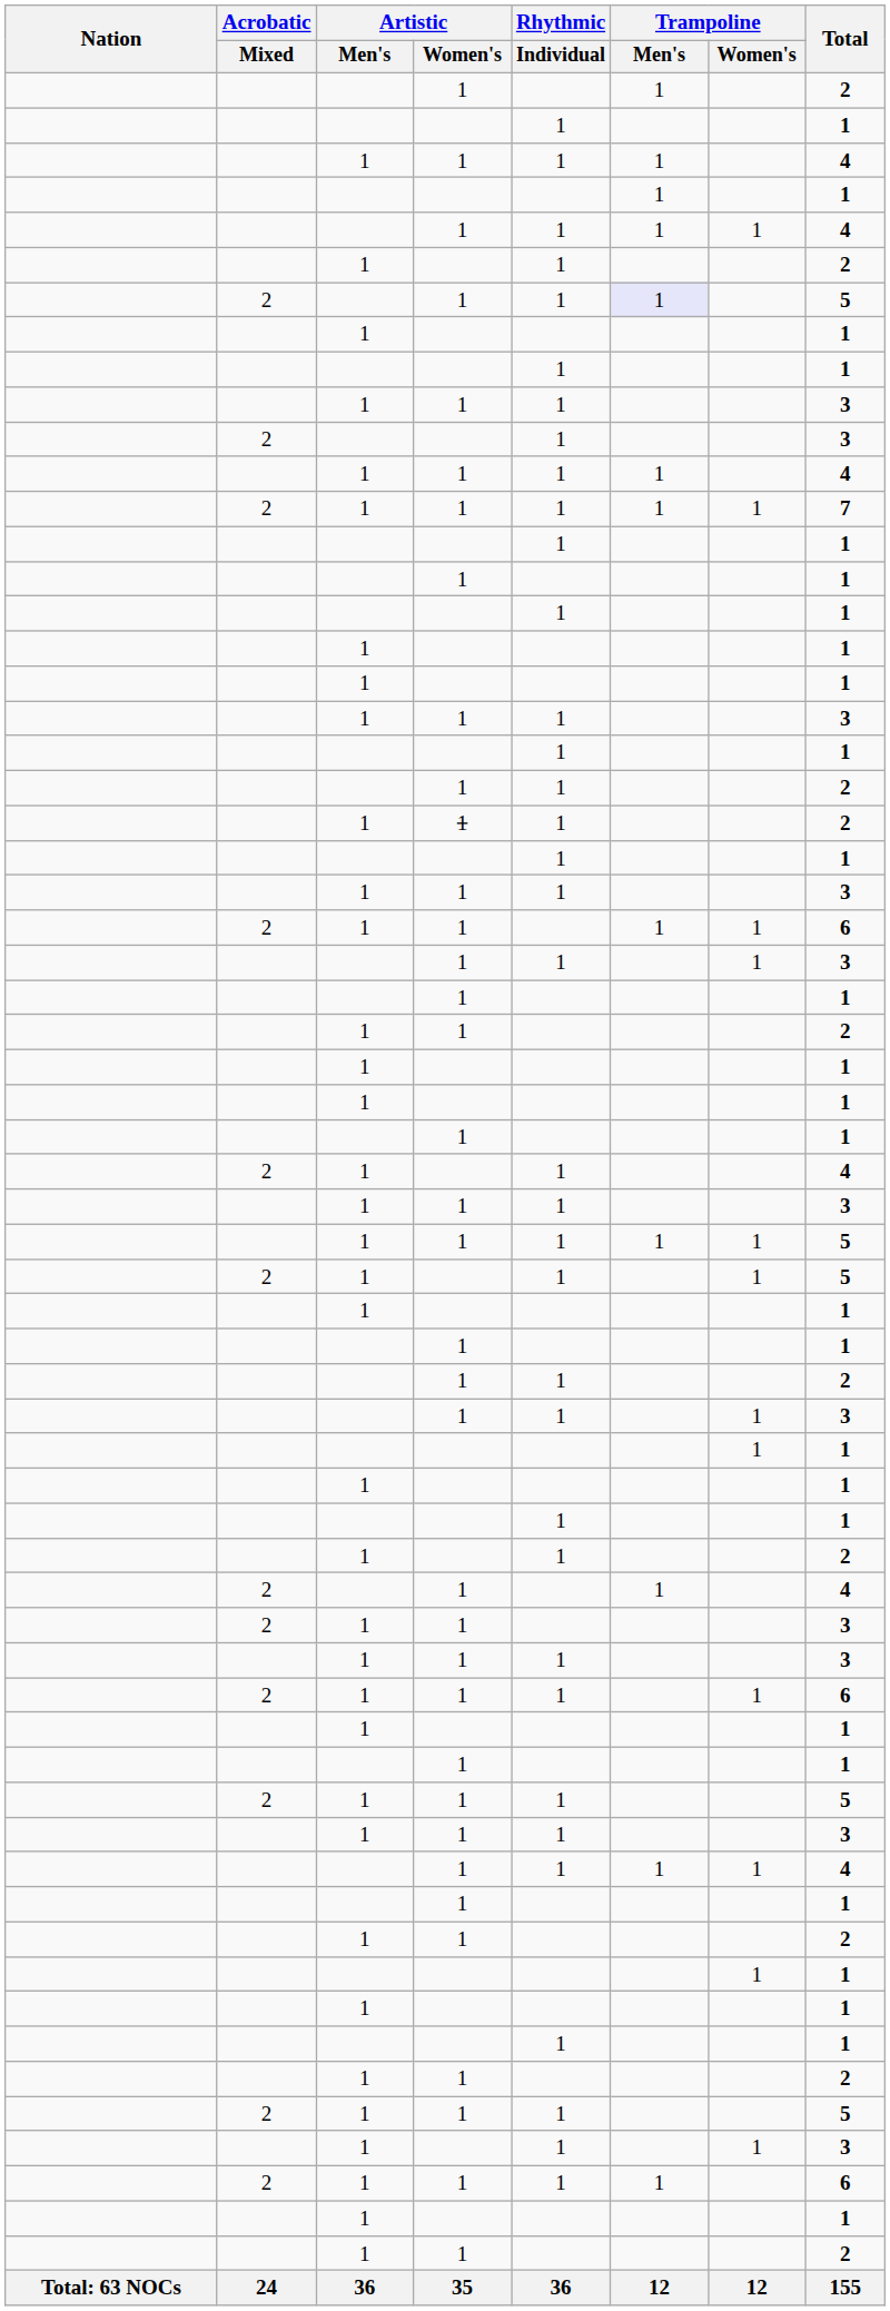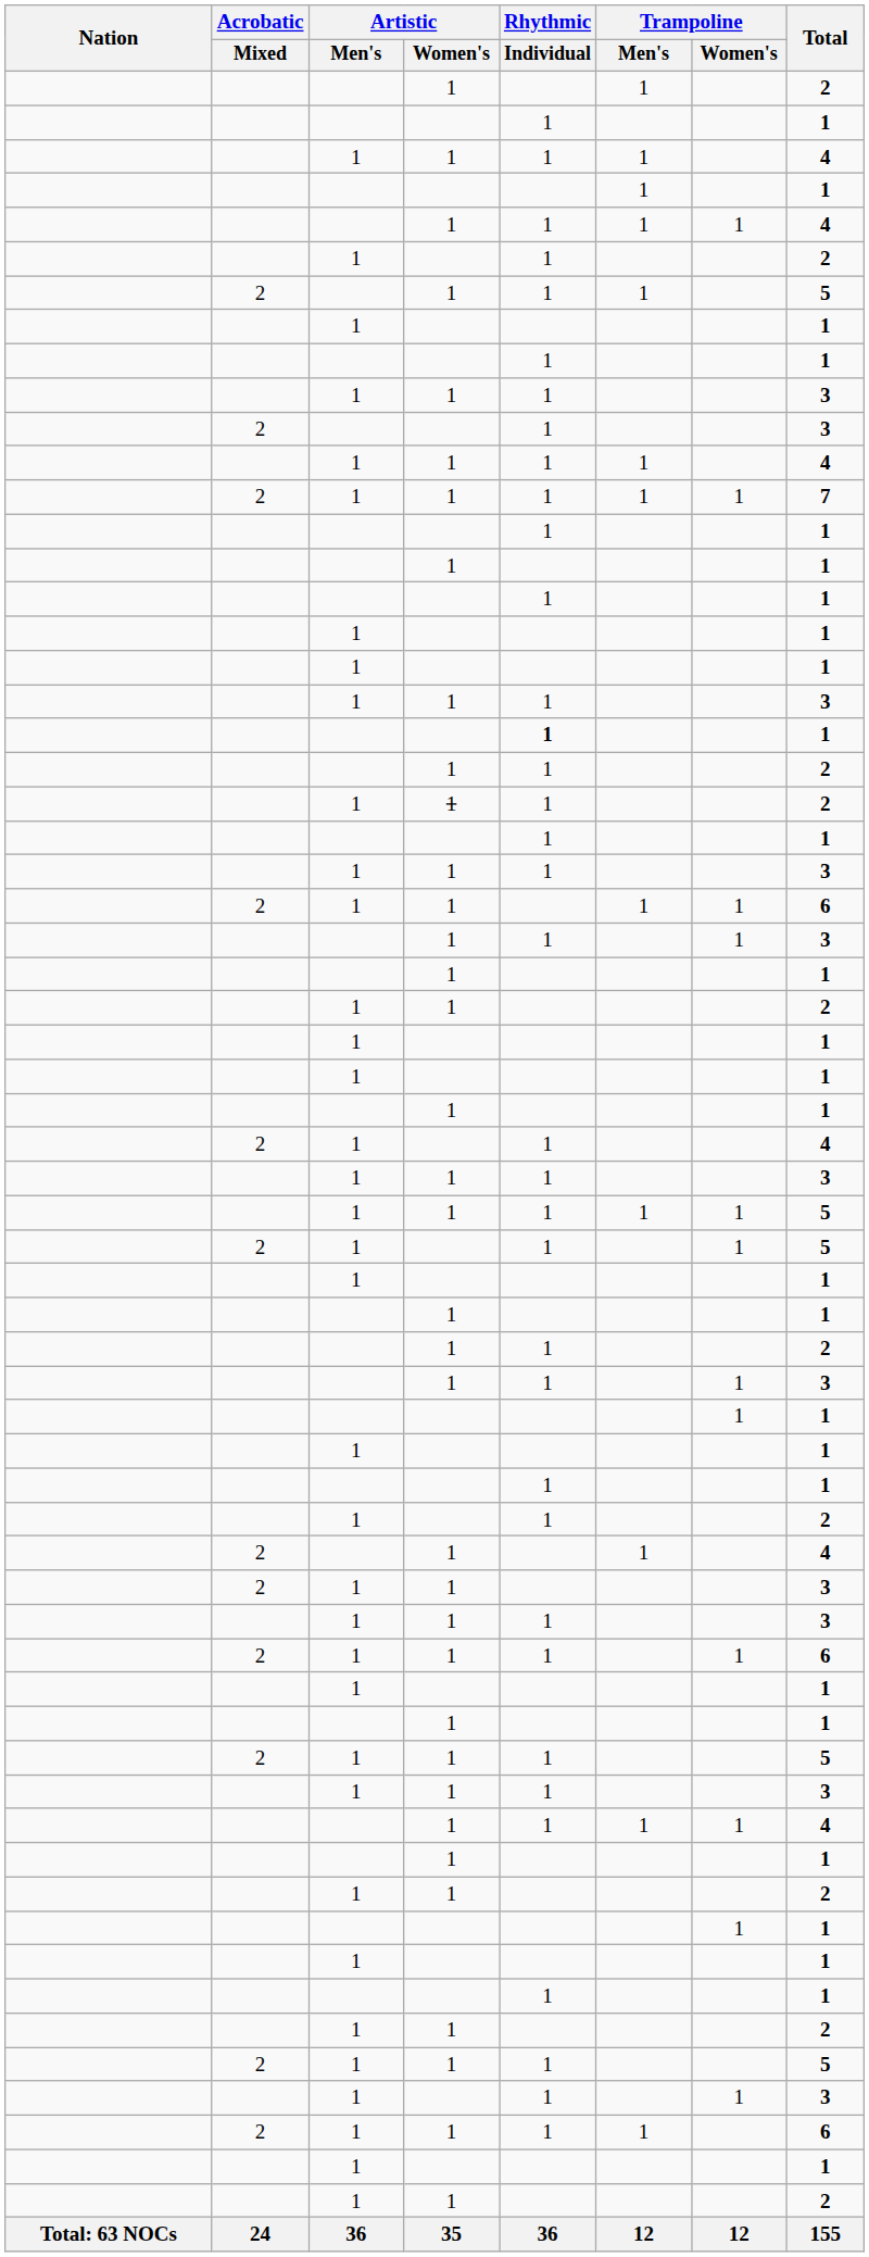 <table class="wikitable"  style="width:600px; text-align:center; font-size:90%;">
 <tr>
 <th rowspan="2" style="text-align:center;">Nation</th>
 <th><a href='#'>Acrobatic</a></th>
 <th colspan="2"><a href='#'>Artistic</a></th>
 <th><a href='#'>Rhythmic</a></th>
 <th colspan=2><a href='#'>Trampoline</a></th>
 <th rowspan="2">Total</th>
 </tr>
 <tr style="font-size:95%;">
 <th width=60>Mixed</th>
 <th width=60>Men's</th>
 <th width=60>Women's</th>
 <th width=60>Individual</th>
 <th width=60>Men's</th>
 <th width=60>Women's</th>
 </tr>
 <tr>
 <td style="text-align:left;"></td>
 <td></td>
 <td></td>
 <td>1</td>
 <td></td>
 <td>1</td>
 <td></td>
 <td><strong>2</strong></td>
 </tr>
 <tr>
 <td style="text-align:left;"></td>
 <td></td>
 <td></td>
 <td></td>
 <td>1</td>
 <td></td>
 <td></td>
 <td><strong>1</strong></td>
 </tr>
 <tr>
 <td style="text-align:left;"></td>
 <td></td>
 <td>1</td>
 <td>1</td>
 <td>1</td>
 <td>1</td>
 <td></td>
 <td><strong>4</strong></td>
 </tr>
 <tr>
 <td style="text-align:left;"></td>
 <td></td>
 <td></td>
 <td></td>
 <td></td>
 <td>1</td>
 <td></td>
 <td><strong>1</strong></td>
 </tr>
 <tr>
 <td style="text-align:left;"></td>
 <td></td>
 <td></td>
 <td>1</td>
 <td>1</td>
 <td>1</td>
 <td>1</td>
 <td><strong>4</strong></td>
 </tr>
 <tr>
 <td style="text-align:left;"></td>
 <td></td>
 <td>1</td>
 <td></td>
 <td>1</td>
 <td></td>
 <td></td>
 <td><strong>2</strong></td>
 </tr>
 <tr>
 <td style="text-align:left;"></td>
 <td>2</td>
 <td></td>
 <td>1</td>
 <td>1</td>
-<td style="background: lavender;">1</td>
+<td>1</td>
 <td></td>
 <td><strong>5</strong></td>
 </tr>
 <tr>
 <td style="text-align:left;"></td>
 <td></td>
 <td>1</td>
 <td></td>
 <td></td>
 <td></td>
 <td></td>
 <td><strong>1</strong></td>
 </tr>
 <tr>
 <td style="text-align:left;"></td>
 <td></td>
 <td></td>
 <td></td>
 <td>1</td>
 <td></td>
 <td></td>
 <td><strong>1</strong></td>
 </tr>
 <tr>
 <td style="text-align:left;"></td>
 <td></td>
 <td>1</td>
 <td>1</td>
 <td>1</td>
 <td></td>
 <td></td>
 <td><strong>3</strong></td>
 </tr>
 <tr>
 <td style="text-align:left;"></td>
 <td>2</td>
 <td></td>
 <td></td>
 <td>1</td>
 <td></td>
 <td></td>
 <td><strong>3</strong></td>
 </tr>
 <tr>
 <td style="text-align:left;"></td>
 <td></td>
 <td>1</td>
 <td>1</td>
 <td>1</td>
 <td>1</td>
 <td></td>
 <td><strong>4</strong></td>
 </tr>
 <tr>
 <td style="text-align:left;"></td>
 <td>2</td>
 <td>1</td>
 <td>1</td>
 <td>1</td>
 <td>1</td>
 <td>1</td>
 <td><strong>7</strong></td>
 </tr>
 <tr>
 <td style="text-align:left;"></td>
 <td></td>
 <td></td>
 <td></td>
 <td>1</td>
 <td></td>
 <td></td>
 <td><strong>1</strong></td>
 </tr>
 <tr>
 <td style="text-align:left;"></td>
 <td></td>
 <td></td>
 <td>1</td>
 <td></td>
 <td></td>
 <td></td>
 <td><strong>1</strong></td>
 </tr>
 <tr>
 <td style="text-align:left;"></td>
 <td></td>
 <td></td>
 <td></td>
 <td>1</td>
 <td></td>
 <td></td>
 <td><strong>1</strong></td>
 </tr>
 <tr>
 <td style="text-align:left;"></td>
 <td></td>
 <td>1</td>
 <td></td>
 <td></td>
 <td></td>
 <td></td>
 <td><strong>1</strong></td>
 </tr>
 <tr>
 <td style="text-align:left;"></td>
 <td></td>
 <td>1</td>
 <td></td>
 <td></td>
 <td></td>
 <td></td>
 <td><strong>1</strong></td>
 </tr>
 <tr>
 <td style="text-align:left;"></td>
 <td></td>
 <td>1</td>
 <td>1</td>
 <td>1</td>
 <td></td>
 <td></td>
 <td><strong>3</strong></td>
 </tr>
 <tr>
 <td style="text-align:left;"></td>
 <td></td>
 <td></td>
 <td></td>
-<td>1</td>
+<td><strong>1</strong></td>
 <td></td>
 <td></td>
 <td><strong>1</strong></td>
 </tr>
 <tr>
 <td style="text-align:left;"></td>
 <td></td>
 <td></td>
 <td>1</td>
 <td>1</td>
 <td></td>
 <td></td>
 <td><strong>2</strong></td>
 </tr>
 <tr>
 <td style="text-align:left;"></td>
 <td></td>
 <td>1</td>
 <td><s>1</s></td>
 <td>1</td>
 <td></td>
 <td></td>
 <td><strong>2</strong></td>
 </tr>
 <tr>
 <td style="text-align:left;"></td>
 <td></td>
 <td></td>
 <td></td>
 <td>1</td>
 <td></td>
 <td></td>
 <td><strong>1</strong></td>
 </tr>
 <tr>
 <td style="text-align:left;"></td>
 <td></td>
 <td>1</td>
 <td>1</td>
 <td>1</td>
 <td></td>
 <td></td>
 <td><strong>3</strong></td>
 </tr>
 <tr>
 <td style="text-align:left;"></td>
 <td>2</td>
 <td>1</td>
 <td>1</td>
 <td></td>
 <td>1</td>
 <td>1</td>
 <td><strong>6</strong></td>
 </tr>
 <tr>
 <td style="text-align:left;"></td>
 <td></td>
 <td></td>
 <td>1</td>
 <td>1</td>
 <td></td>
 <td>1</td>
 <td><strong>3</strong></td>
 </tr>
 <tr>
 <td style="text-align:left;"></td>
 <td></td>
 <td></td>
 <td>1</td>
 <td></td>
 <td></td>
 <td></td>
 <td><strong>1</strong></td>
 </tr>
 <tr>
 <td style="text-align:left;"></td>
 <td></td>
 <td>1</td>
 <td>1</td>
 <td></td>
 <td></td>
 <td></td>
 <td><strong>2</strong></td>
 </tr>
 <tr>
 <td style="text-align:left;"></td>
 <td></td>
 <td>1</td>
 <td></td>
 <td></td>
 <td></td>
 <td></td>
 <td><strong>1</strong></td>
 </tr>
 <tr>
 <td style="text-align:left;"></td>
 <td></td>
 <td>1</td>
 <td></td>
 <td></td>
 <td></td>
 <td></td>
 <td><strong>1</strong></td>
 </tr>
 <tr>
 <td style="text-align:left;"></td>
 <td></td>
 <td></td>
 <td>1</td>
 <td></td>
 <td></td>
 <td></td>
 <td><strong>1</strong></td>
 </tr>
 <tr>
 <td style="text-align:left;"></td>
 <td>2</td>
 <td>1</td>
 <td></td>
 <td>1</td>
 <td></td>
 <td></td>
 <td><strong>4</strong></td>
 </tr>
 <tr>
 <td style="text-align:left;"></td>
 <td></td>
 <td>1</td>
 <td>1</td>
 <td>1</td>
 <td></td>
 <td></td>
 <td><strong>3</strong></td>
 </tr>
 <tr>
 <td style="text-align:left;"></td>
 <td></td>
 <td>1</td>
 <td>1</td>
 <td>1</td>
 <td>1</td>
 <td>1</td>
 <td><strong>5</strong></td>
 </tr>
 <tr>
 <td style="text-align:left;"></td>
 <td>2</td>
 <td>1</td>
 <td></td>
 <td>1</td>
 <td></td>
 <td>1</td>
 <td><strong>5</strong></td>
 </tr>
 <tr>
 <td style="text-align:left;"></td>
 <td></td>
 <td>1</td>
 <td></td>
 <td></td>
 <td></td>
 <td></td>
 <td><strong>1</strong></td>
 </tr>
 <tr>
 <td style="text-align:left;"></td>
 <td></td>
 <td></td>
 <td>1</td>
 <td></td>
 <td></td>
 <td></td>
 <td><strong>1</strong></td>
 </tr>
 <tr>
 <td style="text-align:left;"></td>
 <td></td>
 <td></td>
 <td>1</td>
 <td>1</td>
 <td></td>
 <td></td>
 <td><strong>2</strong></td>
 </tr>
 <tr>
 <td style="text-align:left;"></td>
 <td></td>
 <td></td>
 <td>1</td>
 <td>1</td>
 <td></td>
 <td>1</td>
 <td><strong>3</strong></td>
 </tr>
 <tr>
 <td style="text-align:left;"></td>
 <td></td>
 <td></td>
 <td></td>
 <td></td>
 <td></td>
 <td>1</td>
 <td><strong>1</strong></td>
 </tr>
 <tr>
 <td style="text-align:left;"></td>
 <td></td>
 <td>1</td>
 <td></td>
 <td></td>
 <td></td>
 <td></td>
 <td><strong>1</strong></td>
 </tr>
 <tr>
 <td style="text-align:left;"></td>
 <td></td>
 <td></td>
 <td></td>
 <td>1</td>
 <td></td>
 <td></td>
 <td><strong>1</strong></td>
 </tr>
 <tr>
 <td style="text-align:left;"></td>
 <td></td>
 <td>1</td>
 <td></td>
 <td>1</td>
 <td></td>
 <td></td>
 <td><strong>2</strong></td>
 </tr>
 <tr>
 <td style="text-align:left;"></td>
 <td>2</td>
 <td></td>
 <td>1</td>
 <td></td>
 <td>1</td>
 <td></td>
 <td><strong>4</strong></td>
 </tr>
 <tr>
 <td style="text-align:left;"></td>
 <td>2</td>
 <td>1</td>
 <td>1</td>
 <td></td>
 <td></td>
 <td></td>
 <td><strong>3</strong></td>
 </tr>
 <tr>
 <td style="text-align:left;"></td>
 <td></td>
 <td>1</td>
 <td>1</td>
 <td>1</td>
 <td></td>
 <td></td>
 <td><strong>3</strong></td>
 </tr>
 <tr>
 <td style="text-align:left;"></td>
 <td>2</td>
 <td>1</td>
 <td>1</td>
 <td>1</td>
 <td></td>
 <td>1</td>
 <td><strong>6</strong></td>
 </tr>
 <tr>
 <td style="text-align:left;"></td>
 <td></td>
 <td>1</td>
 <td></td>
 <td></td>
 <td></td>
 <td></td>
 <td><strong>1</strong></td>
 </tr>
 <tr>
 <td style="text-align:left;"></td>
 <td></td>
 <td></td>
 <td>1</td>
 <td></td>
 <td></td>
 <td></td>
 <td><strong>1</strong></td>
 </tr>
 <tr>
 <td style="text-align:left;"></td>
 <td>2</td>
 <td>1</td>
 <td>1</td>
 <td>1</td>
 <td></td>
 <td></td>
 <td><strong>5</strong></td>
 </tr>
 <tr>
 <td style="text-align:left;"></td>
 <td></td>
 <td>1</td>
 <td>1</td>
 <td>1</td>
 <td></td>
 <td></td>
 <td><strong>3</strong></td>
 </tr>
 <tr>
 <td style="text-align:left;"></td>
 <td></td>
 <td></td>
 <td>1</td>
 <td>1</td>
 <td>1</td>
 <td>1</td>
 <td><strong>4</strong></td>
 </tr>
 <tr>
 <td style="text-align:left;"></td>
 <td></td>
 <td></td>
 <td>1</td>
 <td></td>
 <td></td>
 <td></td>
 <td><strong>1</strong></td>
 </tr>
 <tr>
 <td style="text-align:left;"></td>
 <td></td>
 <td>1</td>
 <td>1</td>
 <td></td>
 <td></td>
 <td></td>
 <td><strong>2</strong></td>
 </tr>
 <tr>
 <td style="text-align:left;"></td>
 <td></td>
 <td></td>
 <td></td>
 <td></td>
 <td></td>
 <td>1</td>
 <td><strong>1</strong></td>
 </tr>
 <tr>
 <td style="text-align:left;"></td>
 <td></td>
 <td>1</td>
 <td></td>
 <td></td>
 <td></td>
 <td></td>
 <td><strong>1</strong></td>
 </tr>
 <tr>
 <td style="text-align:left;"></td>
 <td></td>
 <td></td>
 <td></td>
 <td>1</td>
 <td></td>
 <td></td>
 <td><strong>1</strong></td>
 </tr>
 <tr>
 <td style="text-align:left;"></td>
 <td></td>
 <td>1</td>
 <td>1</td>
 <td></td>
 <td></td>
 <td></td>
 <td><strong>2</strong></td>
 </tr>
 <tr>
 <td style="text-align:left;"></td>
 <td>2</td>
 <td>1</td>
 <td>1</td>
 <td>1</td>
 <td></td>
 <td></td>
 <td><strong>5</strong></td>
 </tr>
 <tr>
 <td style="text-align:left;"></td>
 <td></td>
 <td>1</td>
 <td></td>
 <td>1</td>
 <td></td>
 <td>1</td>
 <td><strong>3</strong></td>
 </tr>
 <tr>
 <td style="text-align:left;"></td>
 <td>2</td>
 <td>1</td>
 <td>1</td>
 <td>1</td>
 <td>1</td>
 <td></td>
 <td><strong>6</strong></td>
 </tr>
 <tr>
 <td style="text-align:left;"></td>
 <td></td>
 <td>1</td>
 <td></td>
 <td></td>
 <td></td>
 <td></td>
 <td><strong>1</strong></td>
 </tr>
 <tr>
 <td style="text-align:left;"></td>
 <td></td>
 <td>1</td>
 <td>1</td>
 <td></td>
 <td></td>
 <td></td>
 <td><strong>2</strong></td>
 </tr>
 <tr>
 <th>Total: 63 NOCs</th>
 <th>24</th>
 <th>36</th>
 <th>35</th>
 <th>36</th>
 <th>12</th>
 <th>12</th>
 <th>155</th>
 </tr>
 </table>
